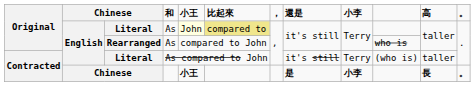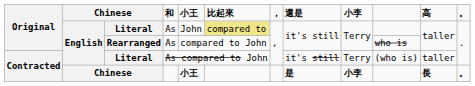 <table class="wikitable">
 <tr>
 <th rowspan="3">Original</th>
 <th colspan="2">Chinese</th>
 <td><strong>和</strong></td>
 <td><strong>小王</strong></td>
 <td><strong>比起來</strong></td>
 <td><strong>，</strong></td>
 <td><strong>還是</strong></td>
 <td><strong>小李</strong></td>
 <td></td>
 <td><strong>高</strong></td>
 <td><strong>。</strong></td>
 </tr>
 <tr>
 <th rowspan="3">English</th>
 <th>Literal</th>
 <td>As</td>
-<td style="background: lightyellow;">John</td>
+<td>John</td>
 <td style="background: khaki;">compared to</td>
 <td rowspan="3">,</td>
 <td rowspan="2">it's still</td>
 <td rowspan="2">Terry</td>
 <td></td>
 <td rowspan="2">taller</td>
 <td rowspan="3">.</td>
 </tr>
 <tr>
 <th>Rearranged</th>
 <td>As</td>
 <td colspan="2">compared to John</td>
 <td><s>who is</s></td>
 </tr>
 <tr>
 <th rowspan="2">Contracted</th>
 <th>Literal</th>
 <td colspan="3"><s>As compared to</s> John</td>
 <td>it's <s>still</s></td>
 <td>Terry</td>
 <td>(who is)</td>
 <td>taller</td>
 </tr>
 <tr>
 <th colspan="2">Chinese</th>
 <td></td>
 <td><strong>小王</strong></td>
 <td></td>
 <td></td>
 <td><strong>是</strong></td>
 <td><strong>小李</strong></td>
 <td></td>
 <td><strong>長</strong></td>
 <td><strong>。</strong></td>
 </tr>
 </table>
